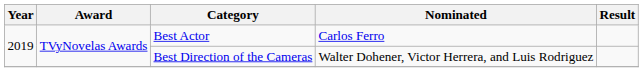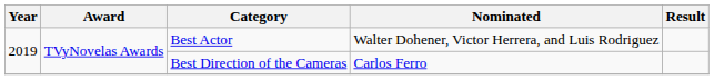 <table class="wikitable plainrowheaders">
 <tr>
 <th scope="col">Year</th>
 <th scope="col">Award</th>
 <th scope="col">Category</th>
 <th scope="col">Nominated</th>
 <th scope="col">Result</th>
 </tr>
 <tr>
 <td rowspan="2">2019</td>
 <td rowspan="2"><a href='#'>TVyNovelas Awards</a></td>
 <td><a href='#'>Best Actor</a></td>
-<td><a href='#'>Carlos Ferro</a></td>
+<td>Walter Dohener, Victor Herrera, and Luis Rodriguez</td>
 <td></td>
 </tr>
 <tr>
 <td><a href='#'>Best Direction of the Cameras</a></td>
-<td>Walter Dohener, Victor Herrera, and Luis Rodriguez</td>
+<td><a href='#'>Carlos Ferro</a></td>
 <td></td>
 </tr>
 <tr>
 </tr>
 </table>
